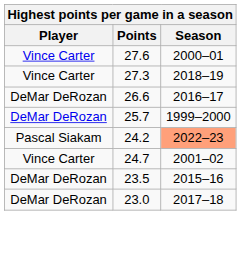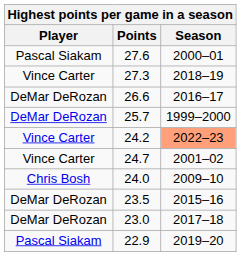 <table class="wikitable sortable" style="text-align:center">
 <tr>
 <th colspan="3">Highest points per game in a season</th>
 </tr>
 <tr>
 <th>Player</th>
 <th>Points</th>
 <th>Season</th>
 </tr>
 <tr>
-<td><a href='#'>Vince Carter</a></td>
+<td>Pascal Siakam</td>
 <td>27.6</td>
 <td>2000–01</td>
 </tr>
 <tr>
 <td>Vince Carter</td>
 <td>27.3</td>
 <td>2018–19</td>
 </tr>
 <tr>
 <td>DeMar DeRozan</td>
 <td>26.6</td>
 <td>2016–17</td>
 </tr>
 <tr>
 <td><a href='#'>DeMar DeRozan</a></td>
 <td>25.7</td>
 <td>1999–2000</td>
 </tr>
 <tr>
-<td>Pascal Siakam</td>
+<td><a href='#'>Vince Carter</a></td>
 <td>24.2</td>
 <td style="background: lightsalmon;">2022–23</td>
 </tr>
 <tr>
 <td>Vince Carter</td>
 <td>24.7</td>
 <td>2001–02</td>
+</tr>
+<tr>
+<td><a href='#'>Chris Bosh</a></td>
+<td>24.0</td>
+<td>2009–10</td>
 </tr>
 <tr>
 <td>DeMar DeRozan</td>
 <td>23.5</td>
 <td>2015–16</td>
 </tr>
 <tr>
 <td>DeMar DeRozan</td>
 <td>23.0</td>
 <td>2017–18</td>
 </tr>
+<tr>
+<td><a href='#'>Pascal Siakam</a></td>
+<td>22.9</td>
+<td>2019–20</td>
+</tr>
 </table>
